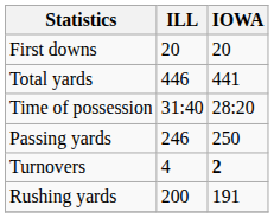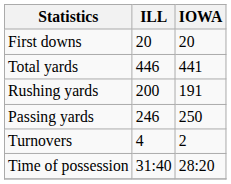 <table class="wikitable">
 <tr>
 <th>Statistics</th>
 <th>ILL</th>
 <th>IOWA</th>
 </tr>
 <tr>
 <td>First downs</td>
 <td>20</td>
 <td>20</td>
 </tr>
 <tr>
 <td>Total yards</td>
 <td>446</td>
 <td>441</td>
 </tr>
 <tr>
-<td>Time of possession</td>
-<td>31:40</td>
-<td>28:20</td>
+<td>Rushing yards</td>
+<td>200</td>
+<td>191</td>
 </tr>
 <tr>
 <td>Passing yards</td>
 <td>246</td>
 <td>250</td>
 </tr>
 <tr>
 <td>Turnovers</td>
 <td>4</td>
-<td><strong>2</strong></td>
+<td>2</td>
 </tr>
 <tr>
-<td>Rushing yards</td>
-<td>200</td>
-<td>191</td>
+<td>Time of possession</td>
+<td>31:40</td>
+<td>28:20</td>
 </tr>
 <tr>
 </tr>
 </table>
